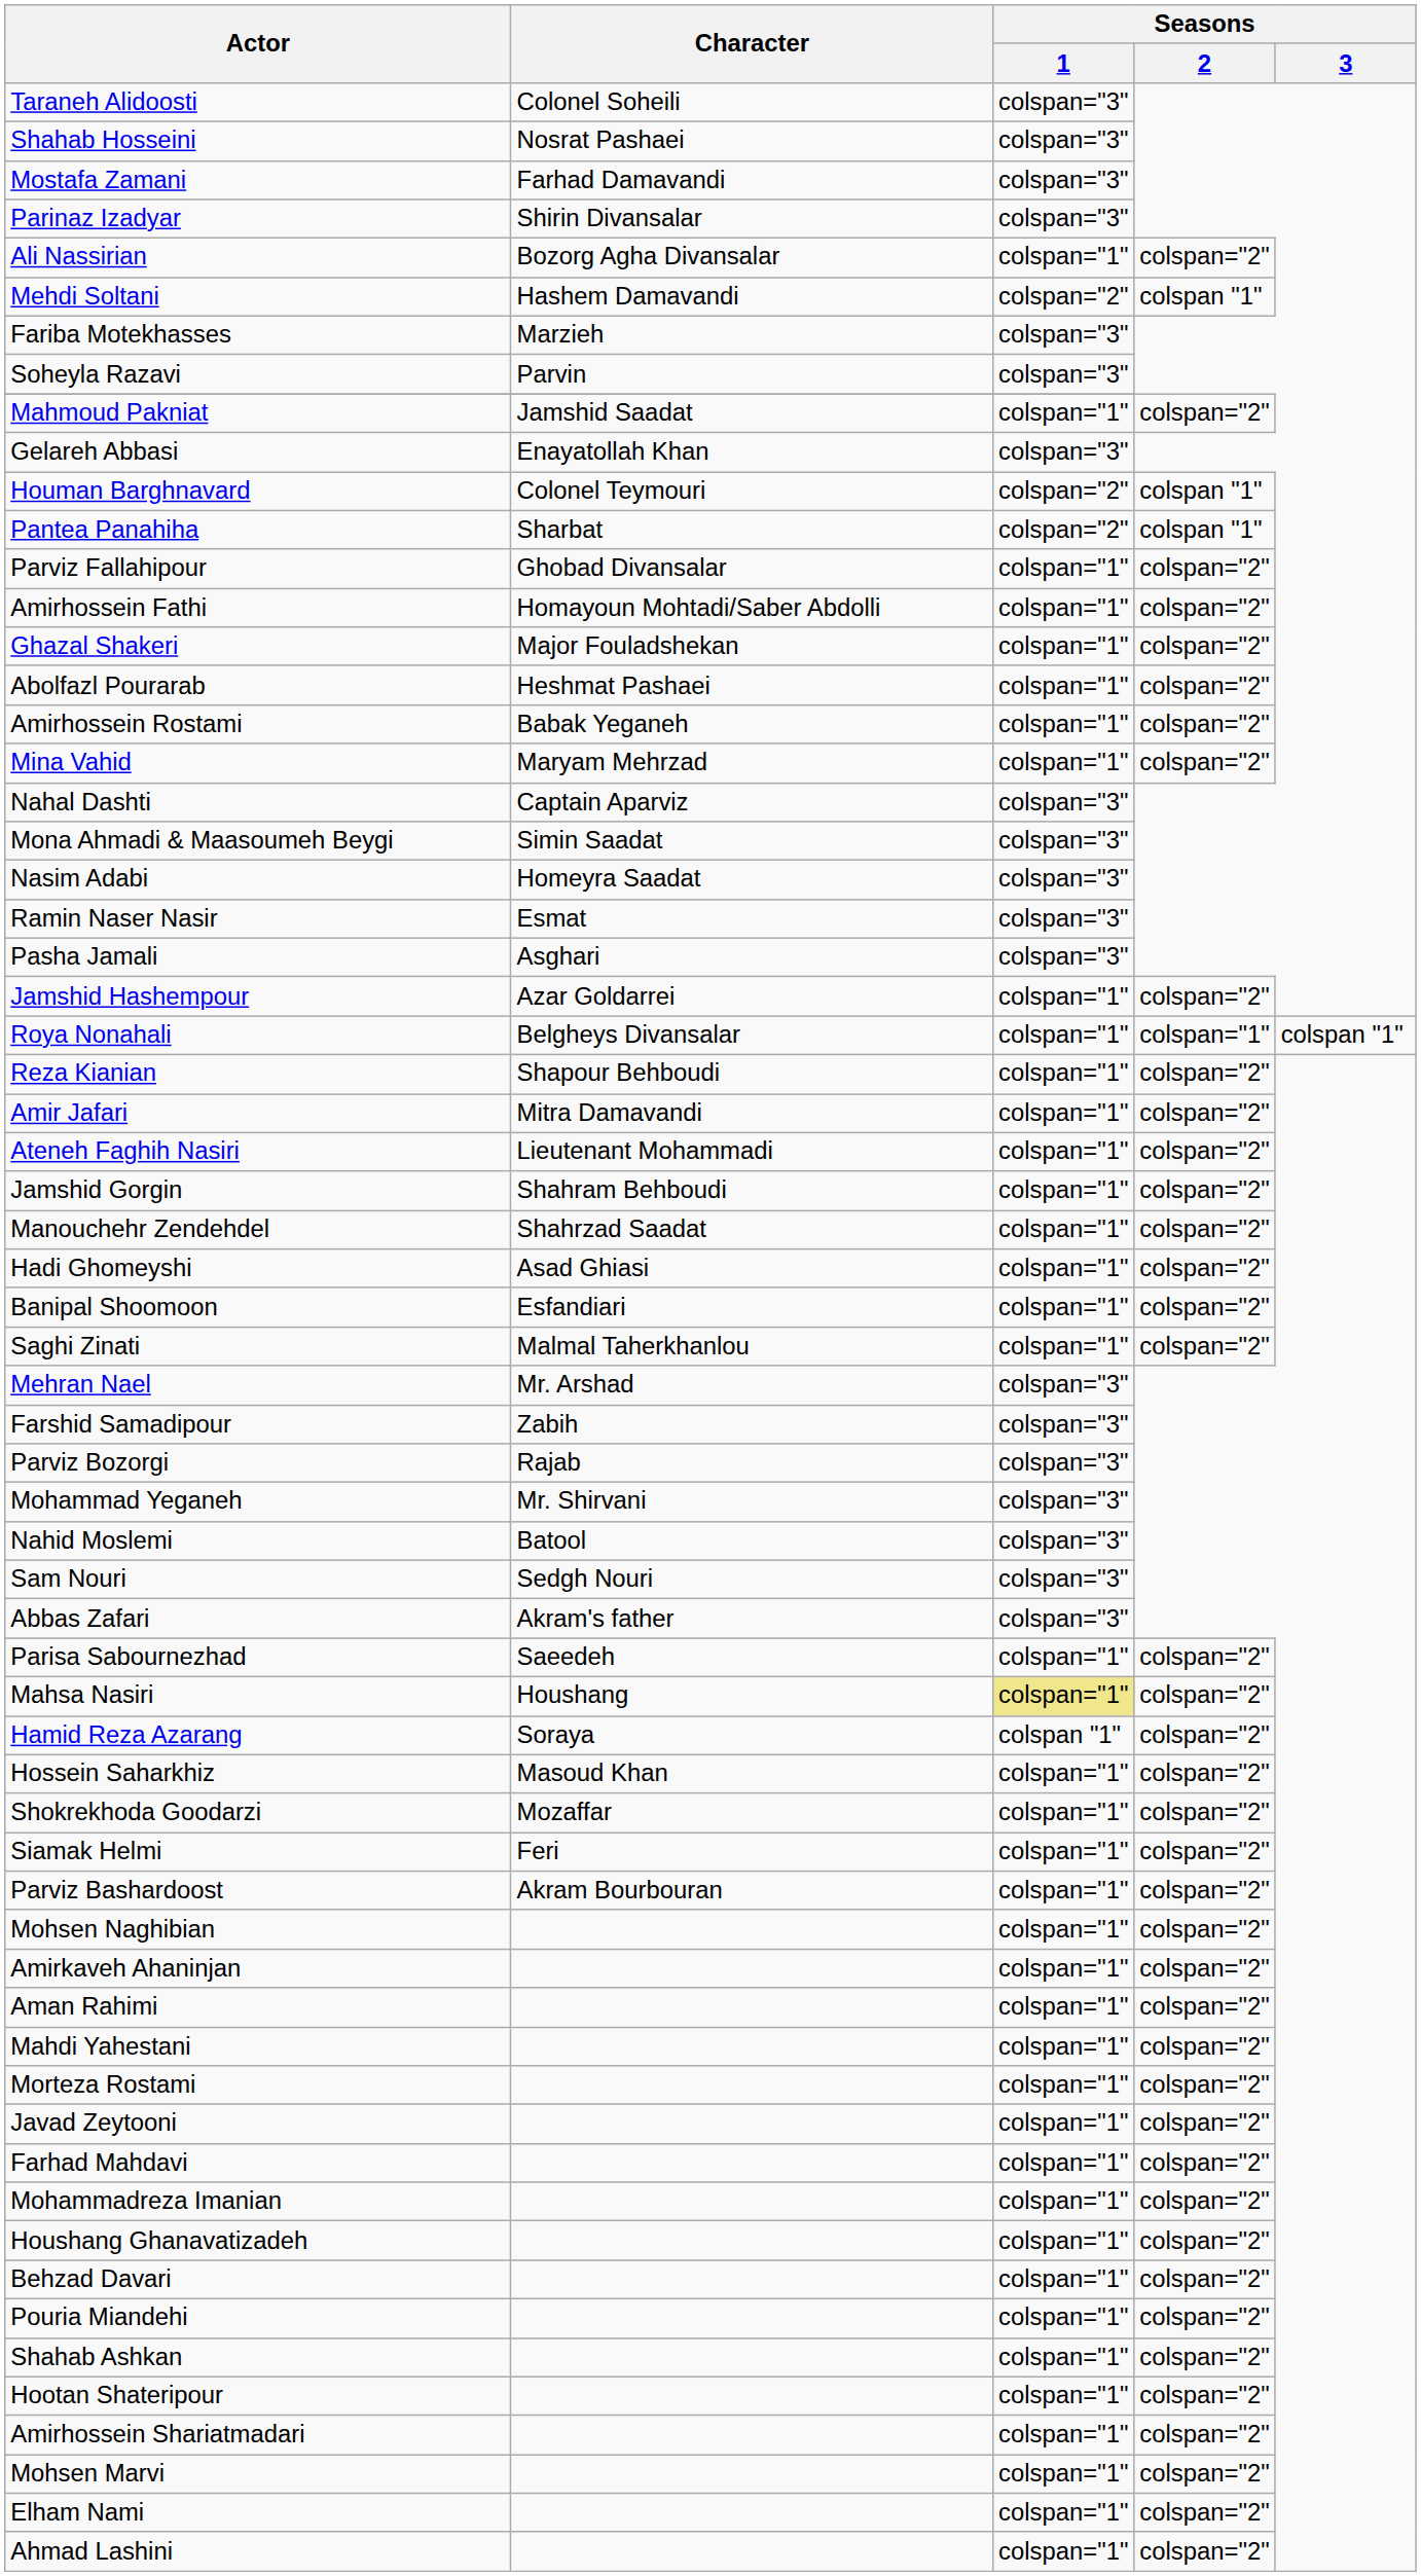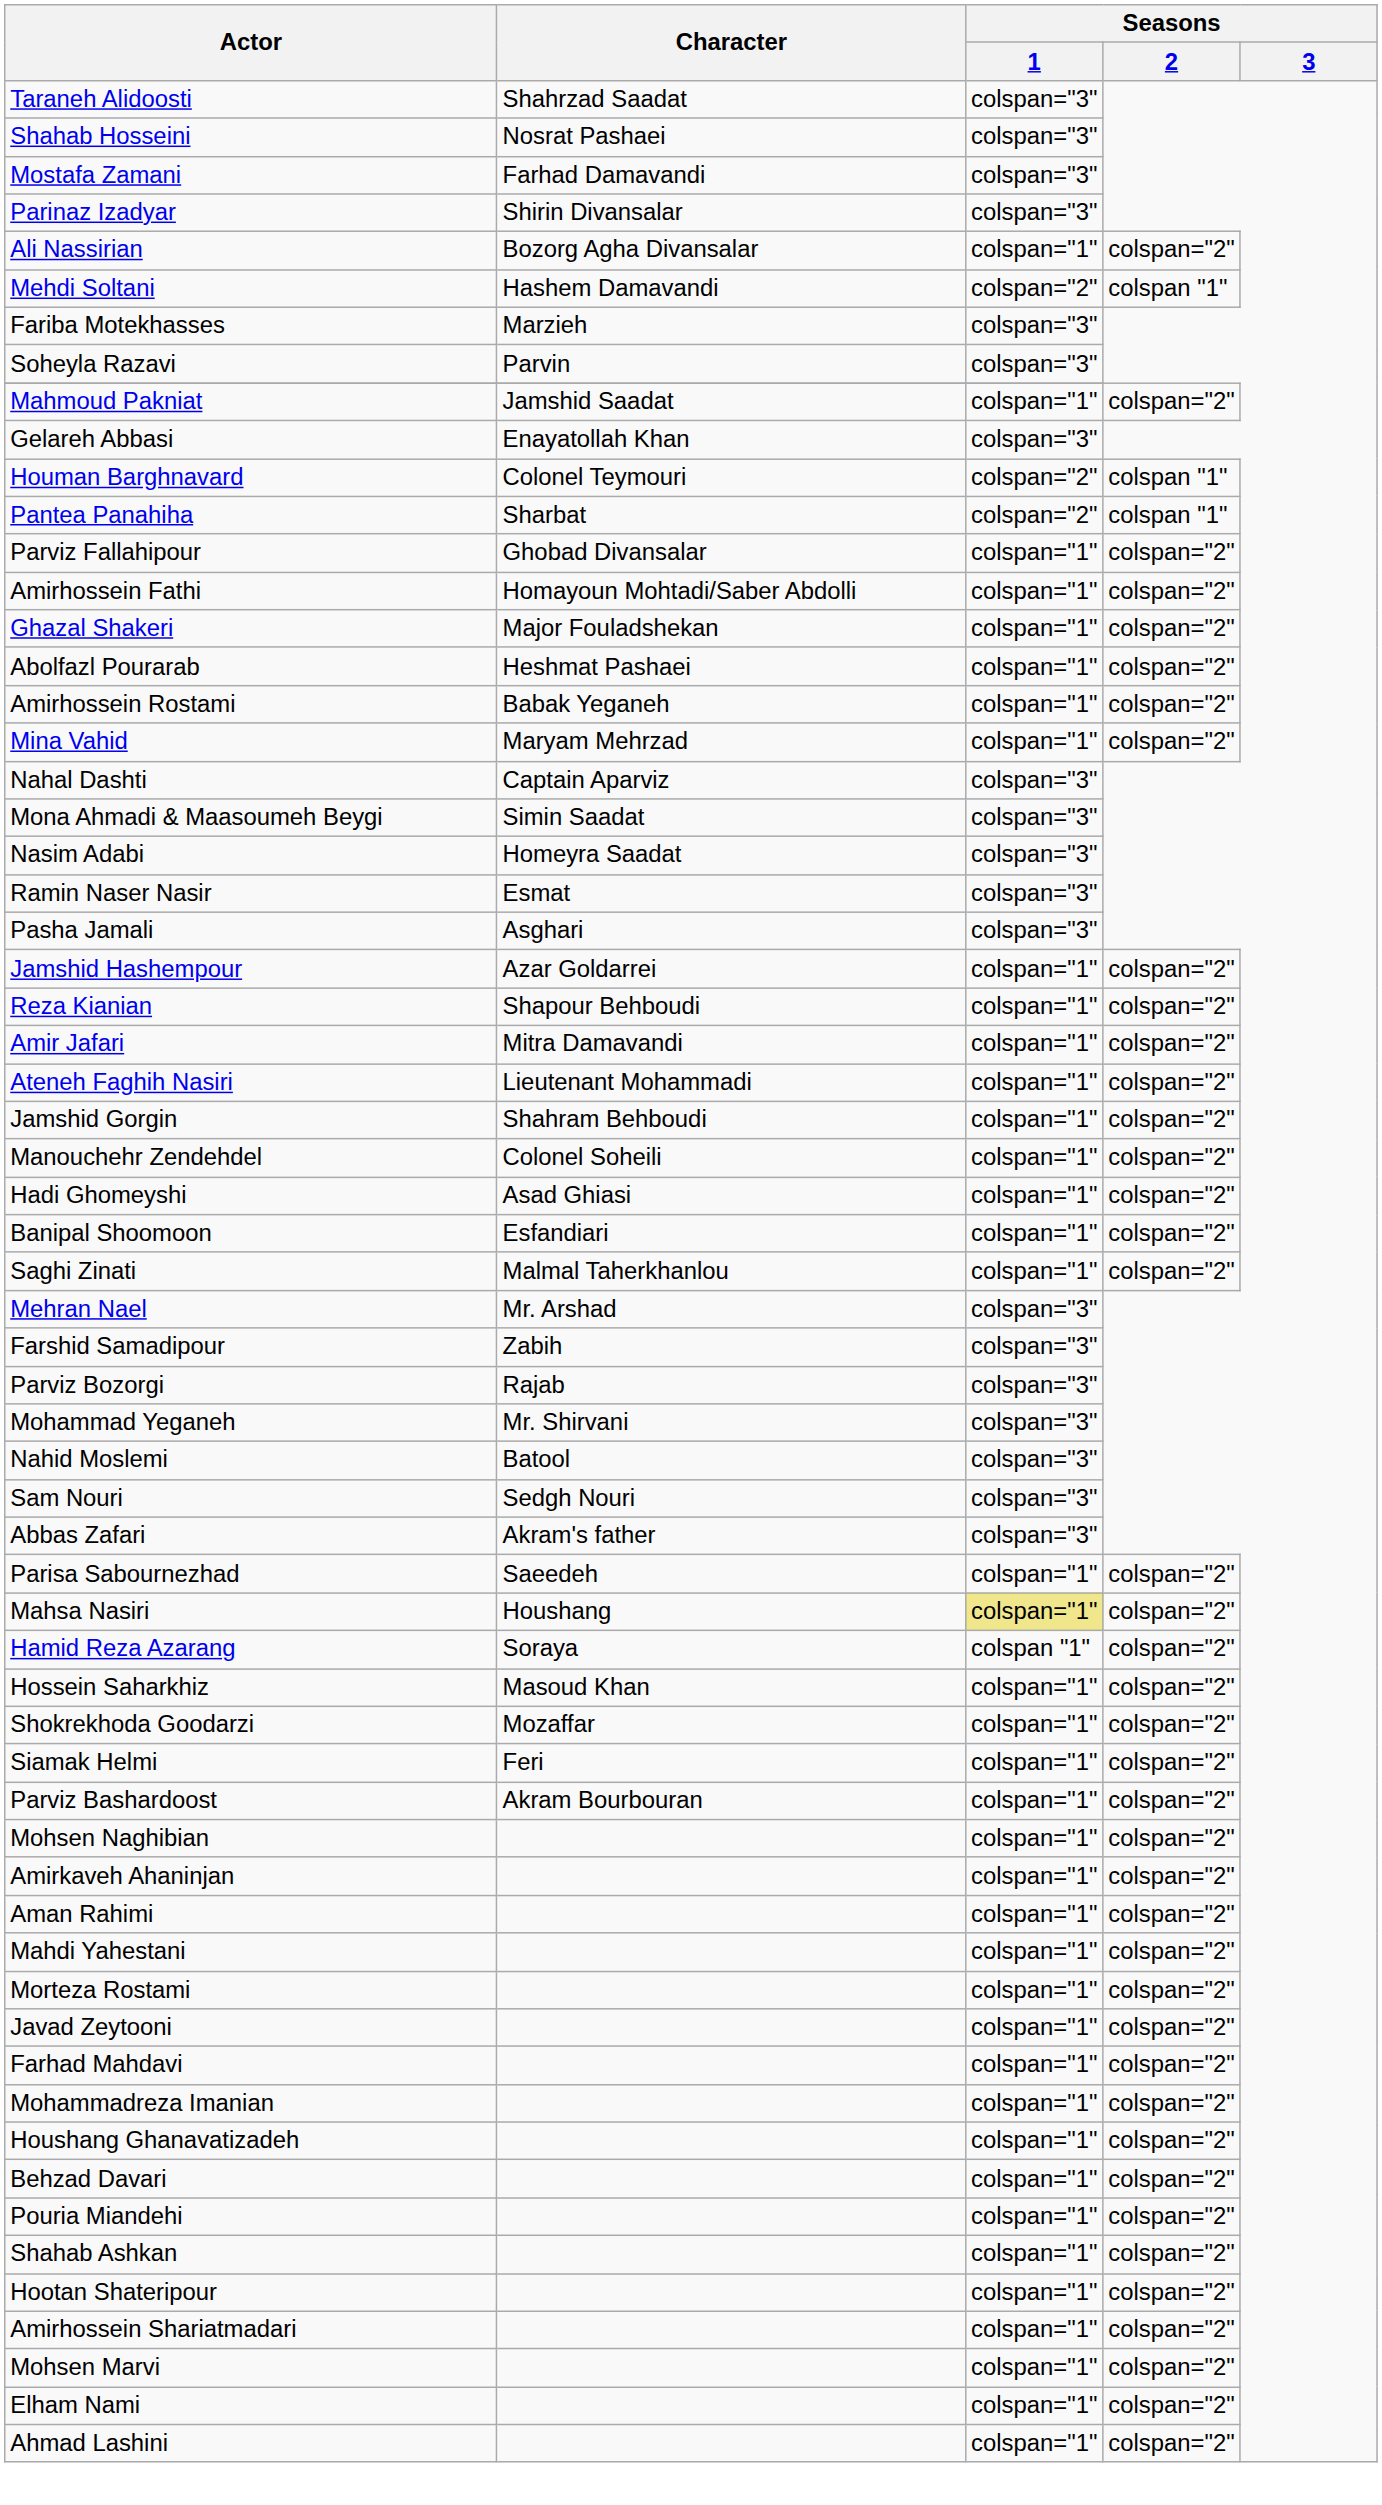 <table class="wikitable">
 <tr>
 <th rowspan="2">Actor</th>
 <th rowspan="2">Character</th>
 <th colspan="3">Seasons</th>
 </tr>
 <tr>
 <th style="width:10%;"><a href='#'>1</a></th>
 <th style="width:10%;"><a href='#'>2</a></th>
 <th style="width:10%;"><a href='#'>3</a></th>
 </tr>
 <tr>
 <td><a href='#'>Taraneh Alidoosti</a></td>
-<td>Colonel Soheili</td>
+<td>Shahrzad Saadat</td>
 <td>colspan="3" </td>
 </tr>
 <tr>
 <td><a href='#'>Shahab Hosseini</a></td>
 <td>Nosrat Pashaei</td>
 <td>colspan="3" </td>
 </tr>
 <tr>
 <td><a href='#'>Mostafa Zamani</a></td>
 <td>Farhad Damavandi</td>
 <td>colspan="3" </td>
 </tr>
 <tr>
 <td><a href='#'>Parinaz Izadyar</a></td>
 <td>Shirin Divansalar</td>
 <td>colspan="3" </td>
 </tr>
 <tr>
 <td><a href='#'>Ali Nassirian</a></td>
 <td>Bozorg Agha Divansalar</td>
 <td>colspan="1" </td>
 <td>colspan="2" </td>
 </tr>
 <tr>
 <td><a href='#'>Mehdi Soltani</a></td>
 <td>Hashem Damavandi</td>
 <td>colspan="2" </td>
 <td>colspan "1" </td>
 </tr>
 <tr>
 <td>Fariba Motekhasses</td>
 <td>Marzieh</td>
 <td>colspan="3" </td>
 </tr>
 <tr>
 <td>Soheyla Razavi</td>
 <td>Parvin</td>
 <td>colspan="3" </td>
 </tr>
 <tr>
 </tr>
 <tr>
 <td><a href='#'>Mahmoud Pakniat</a></td>
 <td>Jamshid Saadat</td>
 <td>colspan="1" </td>
 <td>colspan="2" </td>
 </tr>
 <tr>
 <td>Gelareh Abbasi</td>
 <td>Enayatollah Khan</td>
 <td>colspan="3" </td>
 </tr>
 <tr>
 <td><a href='#'>Houman Barghnavard</a></td>
 <td>Colonel Teymouri</td>
 <td>colspan="2" </td>
 <td>colspan "1" </td>
 </tr>
 <tr>
 <td><a href='#'>Pantea Panahiha</a></td>
 <td>Sharbat</td>
 <td>colspan="2" </td>
 <td>colspan "1" </td>
 </tr>
 <tr>
 <td>Parviz Fallahipour</td>
 <td>Ghobad Divansalar</td>
 <td>colspan="1" </td>
 <td>colspan="2" </td>
 </tr>
 <tr>
 <td>Amirhossein Fathi</td>
 <td>Homayoun Mohtadi/Saber Abdolli</td>
 <td>colspan="1" </td>
 <td>colspan="2" </td>
 </tr>
 <tr>
 <td><a href='#'>Ghazal Shakeri</a></td>
 <td>Major Fouladshekan</td>
 <td>colspan="1" </td>
 <td>colspan="2" </td>
 </tr>
 <tr>
 <td>Abolfazl Pourarab</td>
 <td>Heshmat Pashaei</td>
 <td>colspan="1" </td>
 <td>colspan="2" </td>
 </tr>
 <tr>
 <td>Amirhossein Rostami</td>
 <td>Babak Yeganeh</td>
 <td>colspan="1" </td>
 <td>colspan="2" </td>
 </tr>
 <tr>
 <td><a href='#'>Mina Vahid</a></td>
 <td>Maryam Mehrzad</td>
 <td>colspan="1" </td>
 <td>colspan="2" </td>
 </tr>
 <tr>
 <td>Nahal Dashti</td>
 <td>Captain Aparviz</td>
 <td>colspan="3" </td>
 </tr>
 <tr>
 <td>Mona Ahmadi & Maasoumeh Beygi</td>
 <td>Simin Saadat</td>
 <td>colspan="3" </td>
 </tr>
 <tr>
 <td>Nasim Adabi</td>
 <td>Homeyra Saadat</td>
 <td>colspan="3" </td>
 </tr>
 <tr>
 <td>Ramin Naser Nasir</td>
 <td>Esmat</td>
 <td>colspan="3" </td>
 </tr>
 <tr>
 <td>Pasha Jamali</td>
 <td>Asghari</td>
 <td>colspan="3" </td>
 </tr>
 <tr>
 <td><a href='#'>Jamshid Hashempour</a></td>
 <td>Azar Goldarrei</td>
 <td>colspan="1" </td>
 <td>colspan="2" </td>
 </tr>
 <tr>
-<td><a href='#'>Roya Nonahali</a></td>
-<td>Belgheys Divansalar</td>
-<td>colspan="1" </td>
-<td>colspan="1" </td>
-<td>colspan "1" </td>
-</tr>
-<tr>
 <td><a href='#'>Reza Kianian</a></td>
 <td>Shapour Behboudi</td>
 <td>colspan="1" </td>
 <td>colspan="2" </td>
 </tr>
 <tr>
 <td><a href='#'>Amir Jafari</a></td>
 <td>Mitra Damavandi</td>
 <td>colspan="1" </td>
 <td>colspan="2" </td>
 </tr>
 <tr>
 <td><a href='#'>Ateneh Faghih Nasiri</a></td>
 <td>Lieutenant Mohammadi</td>
 <td>colspan="1" </td>
 <td>colspan="2" </td>
 </tr>
 <tr>
 <td>Jamshid Gorgin</td>
 <td>Shahram Behboudi</td>
 <td>colspan="1" </td>
 <td>colspan="2" </td>
 </tr>
 <tr>
 <td>Manouchehr Zendehdel</td>
-<td>Shahrzad Saadat</td>
+<td>Colonel Soheili</td>
 <td>colspan="1" </td>
 <td>colspan="2" </td>
 </tr>
 <tr>
 <td>Hadi Ghomeyshi</td>
 <td>Asad Ghiasi</td>
 <td>colspan="1" </td>
 <td>colspan="2" </td>
 </tr>
 <tr>
 <td>Banipal Shoomoon</td>
 <td>Esfandiari</td>
 <td>colspan="1" </td>
 <td>colspan="2" </td>
 </tr>
 <tr>
 <td>Saghi Zinati</td>
 <td>Malmal Taherkhanlou</td>
 <td>colspan="1" </td>
 <td>colspan="2" </td>
 </tr>
 <tr>
 <td><a href='#'>Mehran Nael</a></td>
 <td>Mr. Arshad</td>
 <td>colspan="3" </td>
 </tr>
 <tr>
 <td>Farshid Samadipour</td>
 <td>Zabih</td>
 <td>colspan="3" </td>
 </tr>
 <tr>
 <td>Parviz Bozorgi</td>
 <td>Rajab</td>
 <td>colspan="3" </td>
 </tr>
 <tr>
 <td>Mohammad Yeganeh</td>
 <td>Mr. Shirvani</td>
 <td>colspan="3" </td>
 </tr>
 <tr>
 <td>Nahid Moslemi</td>
 <td>Batool</td>
 <td>colspan="3" </td>
 </tr>
 <tr>
 <td>Sam Nouri</td>
 <td>Sedgh Nouri</td>
 <td>colspan="3" </td>
 </tr>
 <tr>
 <td>Abbas Zafari</td>
 <td>Akram's father</td>
 <td>colspan="3" </td>
 </tr>
 <tr>
 <td>Parisa Sabournezhad</td>
 <td>Saeedeh</td>
 <td>colspan="1" </td>
 <td>colspan="2" </td>
 </tr>
 <tr>
 <td>Mahsa Nasiri</td>
 <td>Houshang</td>
 <td style="background: khaki;">colspan="1" </td>
 <td>colspan="2" </td>
 </tr>
 <tr>
 <td><a href='#'>Hamid Reza Azarang</a></td>
 <td>Soraya</td>
 <td>colspan "1" </td>
 <td>colspan="2" </td>
 </tr>
 <tr>
 <td>Hossein Saharkhiz</td>
 <td>Masoud Khan</td>
 <td>colspan="1" </td>
 <td>colspan="2" </td>
 </tr>
 <tr>
 <td>Shokrekhoda Goodarzi</td>
 <td>Mozaffar</td>
 <td>colspan="1" </td>
 <td>colspan="2" </td>
 </tr>
 <tr>
 <td>Siamak Helmi</td>
 <td>Feri</td>
 <td>colspan="1" </td>
 <td>colspan="2" </td>
 </tr>
 <tr>
 <td>Parviz Bashardoost</td>
 <td>Akram Bourbouran</td>
 <td>colspan="1" </td>
 <td>colspan="2" </td>
 </tr>
 <tr>
 <td>Mohsen Naghibian</td>
 <td></td>
 <td>colspan="1" </td>
 <td>colspan="2" </td>
 </tr>
 <tr>
 <td>Amirkaveh Ahaninjan</td>
 <td></td>
 <td>colspan="1" </td>
 <td>colspan="2" </td>
 </tr>
 <tr>
 <td>Aman Rahimi</td>
 <td></td>
 <td>colspan="1" </td>
 <td>colspan="2" </td>
 </tr>
 <tr>
 <td>Mahdi Yahestani</td>
 <td></td>
 <td>colspan="1" </td>
 <td>colspan="2" </td>
 </tr>
 <tr>
 <td>Morteza Rostami</td>
 <td></td>
 <td>colspan="1" </td>
 <td>colspan="2" </td>
 </tr>
 <tr>
 <td>Javad Zeytooni</td>
 <td></td>
 <td>colspan="1" </td>
 <td>colspan="2" </td>
 </tr>
 <tr>
 <td>Farhad Mahdavi</td>
 <td></td>
 <td>colspan="1" </td>
 <td>colspan="2" </td>
 </tr>
 <tr>
 <td>Mohammadreza Imanian</td>
 <td></td>
 <td>colspan="1" </td>
 <td>colspan="2" </td>
 </tr>
 <tr>
 <td>Houshang Ghanavatizadeh</td>
 <td></td>
 <td>colspan="1" </td>
 <td>colspan="2" </td>
 </tr>
 <tr>
 <td>Behzad Davari</td>
 <td></td>
 <td>colspan="1" </td>
 <td>colspan="2" </td>
 </tr>
 <tr>
 <td>Pouria Miandehi</td>
 <td></td>
 <td>colspan="1" </td>
 <td>colspan="2" </td>
 </tr>
 <tr>
 <td>Shahab Ashkan</td>
 <td></td>
 <td>colspan="1" </td>
 <td>colspan="2" </td>
 </tr>
 <tr>
 <td>Hootan Shateripour</td>
 <td></td>
 <td>colspan="1" </td>
 <td>colspan="2" </td>
 </tr>
 <tr>
 <td>Amirhossein Shariatmadari</td>
 <td></td>
 <td>colspan="1" </td>
 <td>colspan="2" </td>
 </tr>
 <tr>
 <td>Mohsen Marvi</td>
 <td></td>
 <td>colspan="1" </td>
 <td>colspan="2" </td>
 </tr>
 <tr>
 <td>Elham Nami</td>
 <td></td>
 <td>colspan="1" </td>
 <td>colspan="2" </td>
 </tr>
 <tr>
 <td>Ahmad Lashini</td>
 <td></td>
 <td>colspan="1" </td>
 <td>colspan="2" </td>
 </tr>
 </table>
